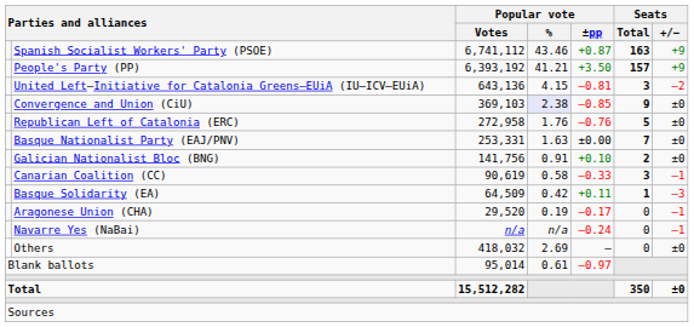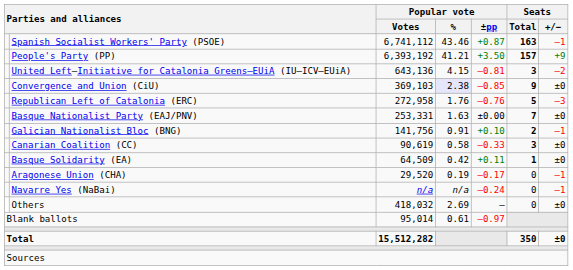 <table class="wikitable" style="text-align:right; margin-bottom:0">
 <tr>
 <th style="text-align:left;" rowspan="2" colspan="2" width="525">Parties and alliances</th>
 <th colspan="3">Popular vote</th>
 <th colspan="2">Seats</th>
 </tr>
 <tr>
 <th width="75">Votes</th>
 <th width="45">%</th>
 <th width="45">±<a href='#'>pp</a></th>
 <th width="35">Total</th>
 <th width="35">+/−</th>
 </tr>
 <tr>
 <td width="1" style="color:inherit;background:"></td>
 <td align="left"><a href='#'>Spanish Socialist Workers' Party</a> (PSOE)</td>
 <td>6,741,112</td>
 <td>43.46</td>
 <td style="color:green;">+0.87</td>
 <td><strong>163</strong></td>
-<td style="color:green;">+9</td>
+<td style="color:red;">–1</td>
 </tr>
 <tr>
 <td style="color:inherit;background:"></td>
 <td align="left"><a href='#'>People's Party</a> (PP)</td>
 <td>6,393,192</td>
 <td>41.21</td>
 <td style="color:green;">+3.50</td>
 <td><strong>157</strong></td>
 <td style="color:green;">+9</td>
 </tr>
 <tr>
 <td style="color:inherit;background:"></td>
 <td align="left"><a href='#'>United Left</a>–<a href='#'>Initiative for Catalonia Greens–EUiA</a> (IU–ICV–EUiA)</td>
 <td>643,136</td>
 <td>4.15</td>
 <td style="color:red;">–0.81</td>
 <td><strong>3</strong></td>
 <td style="color:red;">–2</td>
 </tr>
 <tr>
 <td style="color:inherit;background:"></td>
 <td align="left"><a href='#'>Convergence and Union</a> (CiU)</td>
 <td>369,103</td>
 <td style="background: lavender;">2.38</td>
 <td style="color:red;">–0.85</td>
 <td><strong>9</strong></td>
 <td>±0</td>
 </tr>
 <tr>
 <td style="color:inherit;background:"></td>
 <td align="left"><a href='#'>Republican Left of Catalonia</a> (ERC)</td>
 <td>272,958</td>
 <td>1.76</td>
 <td style="color:red;">–0.76</td>
 <td><strong>5</strong></td>
-<td>±0</td>
+<td style="color:red;">–3</td>
 </tr>
 <tr>
 <td style="color:inherit;background:"></td>
 <td align="left"><a href='#'>Basque Nationalist Party</a> (EAJ/PNV)</td>
 <td>253,331</td>
 <td>1.63</td>
 <td>±0.00</td>
 <td><strong>7</strong></td>
 <td>±0</td>
 </tr>
 <tr>
 <td style="color:inherit;background:"></td>
 <td align="left"><a href='#'>Galician Nationalist Bloc</a> (BNG)</td>
 <td>141,756</td>
 <td>0.91</td>
 <td style="color:green;">+0.10</td>
 <td><strong>2</strong></td>
-<td>±0</td>
+<td style="color:red;">–1</td>
 </tr>
 <tr>
 <td style="color:inherit;background:"></td>
 <td align="left"><a href='#'>Canarian Coalition</a> (CC)</td>
 <td>90,619</td>
 <td>0.58</td>
 <td style="color:red;">–0.33</td>
 <td><strong>3</strong></td>
-<td style="color:red;">–1</td>
+<td>±0</td>
 </tr>
 <tr>
 <td style="color:inherit;background:"></td>
 <td align="left"><a href='#'>Basque Solidarity</a> (EA)</td>
 <td>64,509</td>
 <td>0.42</td>
 <td style="color:green;">+0.11</td>
 <td><strong>1</strong></td>
-<td style="color:red;">–3</td>
+<td>±0</td>
 </tr>
 <tr>
 <td style="color:inherit;background:"></td>
 <td align="left"><a href='#'>Aragonese Union</a> (CHA)</td>
 <td>29,520</td>
 <td>0.19</td>
 <td style="color:red;">–0.17</td>
 <td>0</td>
 <td style="color:red;">–1</td>
 </tr>
 <tr>
 <td style="color:inherit;background:"></td>
 <td align="left"><a href='#'>Navarre Yes</a> (NaBai)</td>
 <td><em><a href='#'>n/a</a></em></td>
 <td><em>n/a</em></td>
 <td style="color:red;">–0.24</td>
 <td>0</td>
 <td style="color:red;">–1</td>
 </tr>
 <tr>
 <td bgcolor="white"></td>
 <td align="left">Others</td>
 <td>418,032</td>
 <td>2.69</td>
 <td>—</td>
 <td>0</td>
 <td>±0</td>
 </tr>
 <tr>
 <td align="left" colspan="2">Blank ballots</td>
 <td>95,014</td>
 <td>0.61</td>
 <td style="color:red;">–0.97</td>
 <td bgcolor="#E9E9E9" colspan="2"></td>
 </tr>
 <tr>
 <td colspan="7" bgcolor="#E9E9E9"></td>
 </tr>
 <tr style="font-weight:bold;">
 <td align="left" colspan="2">Total</td>
 <td>15,512,282</td>
 <td bgcolor="#E9E9E9" colspan="2"></td>
 <td>350</td>
 <td>±0</td>
 </tr>
 <tr>
 <td colspan="7" bgcolor="#E9E9E9"></td>
 </tr>
 <tr>
 <td align="left" colspan="7">Sources</td>
 </tr>
 </table>
